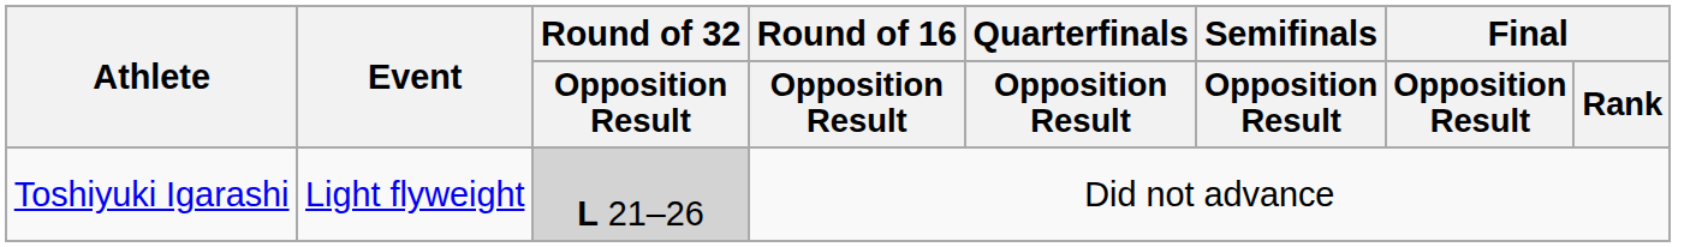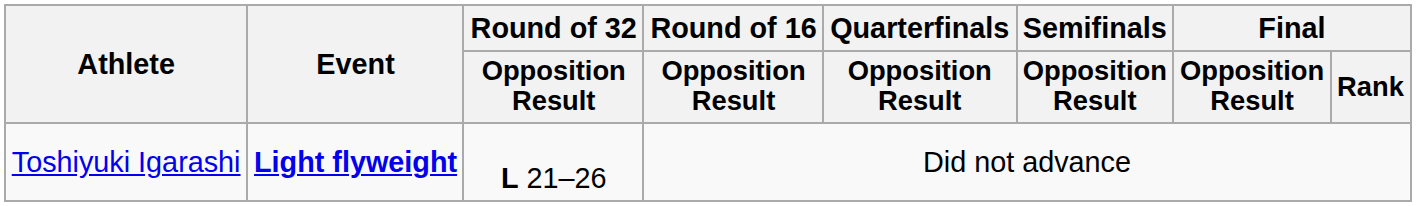 <table class="wikitable" style="font-size:90%">
 <tr>
 <th rowspan="2">Athlete</th>
 <th rowspan="2">Event</th>
 <th>Round of 32</th>
 <th>Round of 16</th>
 <th>Quarterfinals</th>
 <th>Semifinals</th>
 <th colspan=2>Final</th>
 </tr>
 <tr style="font-size:95%">
 <th>Opposition<br>Result</th>
 <th>Opposition<br>Result</th>
 <th>Opposition<br>Result</th>
 <th>Opposition<br>Result</th>
 <th>Opposition<br>Result</th>
 <th>Rank</th>
 </tr>
 <tr align=center>
 <td align=left><a href='#'>Toshiyuki Igarashi</a></td>
-<td align=left><a href='#'>Light flyweight</a></td>
-<td style="background: lightgrey;"><br><strong>L</strong> 21–26</td>
+<td align=left><strong><a href='#'>Light flyweight</a></strong></td>
+<td><br><strong>L</strong> 21–26</td>
 <td colspan=5>Did not advance</td>
 </tr>
 </table>
